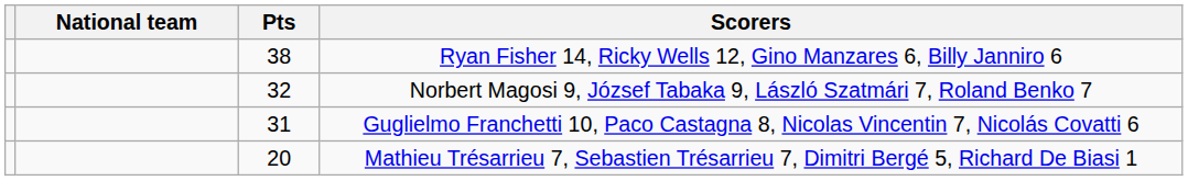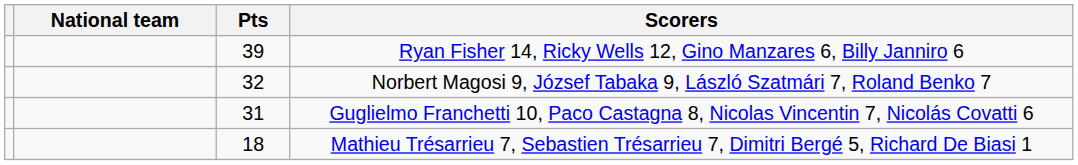 <table class=wikitable style="font-size: 95%">
 <tr>
 <th></th>
 <th width=150>National team</th>
 <th width=50>Pts</th>
 <th width=600>Scorers</th>
 </tr>
 <tr align=center >
 <td></td>
 <td align=left></td>
-<td>38</td>
+<td>39</td>
 <td><a href='#'>Ryan Fisher</a> 14, <a href='#'>Ricky Wells</a> 12, <a href='#'>Gino Manzares</a> 6, <a href='#'>Billy Janniro</a> 6</td>
 </tr>
 <tr align=center>
 <td></td>
 <td align=left></td>
 <td>32</td>
 <td>Norbert Magosi 9, <a href='#'>József Tabaka</a> 9, <a href='#'>László Szatmári</a> 7, <a href='#'>Roland Benko</a> 7</td>
 </tr>
 <tr align=center>
 <td></td>
 <td align=left></td>
 <td>31</td>
 <td><a href='#'>Guglielmo Franchetti</a> 10, <a href='#'>Paco Castagna</a> 8, <a href='#'>Nicolas Vincentin</a> 7, <a href='#'>Nicolás Covatti</a> 6</td>
 </tr>
 <tr align=center>
 <td></td>
 <td align=left></td>
-<td>20</td>
+<td>18</td>
 <td><a href='#'>Mathieu Trésarrieu</a> 7, <a href='#'>Sebastien Trésarrieu</a> 7, <a href='#'>Dimitri Bergé</a> 5, <a href='#'>Richard De Biasi</a> 1</td>
 </tr>
 </table>
